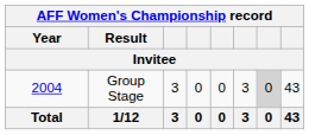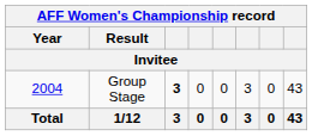 <table class="wikitable" style="text-align: center;">
 <tr>
 <th colspan=9><a href='#'>AFF Women's Championship</a> record</th>
 </tr>
 <tr>
 <th width="90">Year</th>
 <th width="80">Result</th>
 <th width="20"></th>
 <th width="20"></th>
 <th width="20"></th>
 <th width="20"></th>
 <th width="20"></th>
 <th width="20"></th>
 </tr>
 <tr>
 <th colspan=8>Invitee</th>
 </tr>
 <tr>
 <td> <a href='#'>2004</a></td>
 <td>Group Stage</td>
-<td>3</td>
+<td><strong>3</strong></td>
 <td>0</td>
 <td>0</td>
 <td>3</td>
-<td style="background: lightgrey;">0</td>
+<td>0</td>
 <td>43</td>
 </tr>
 <tr>
 <th>Total</th>
 <th>1/12</th>
 <th>3</th>
 <th>0</th>
 <th>0</th>
 <th>3</th>
 <th>0</th>
 <th>43</th>
 </tr>
 </table>
